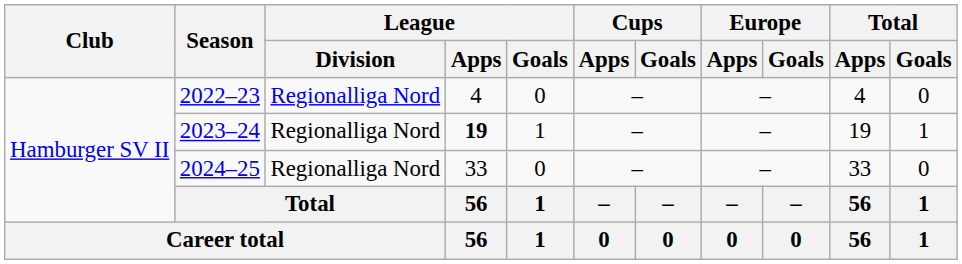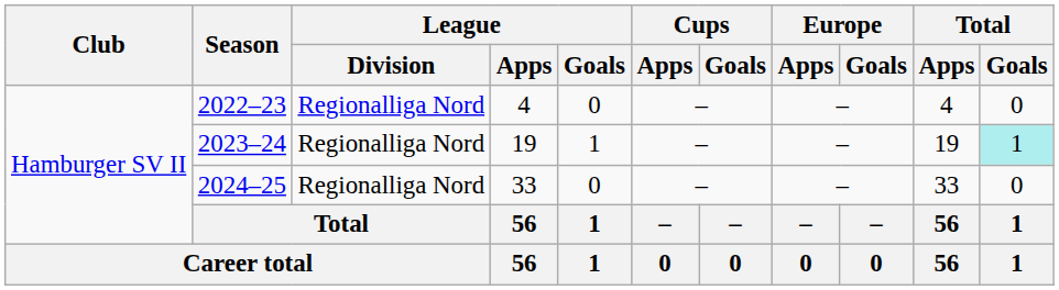 <table class="wikitable" style="text-align:center">
 <tr>
 <th rowspan="2">Club</th>
 <th rowspan="2">Season</th>
 <th colspan="3">League</th>
 <th colspan="2">Cups</th>
 <th colspan="2">Europe</th>
 <th colspan="2">Total</th>
 </tr>
 <tr>
 <th>Division</th>
 <th>Apps</th>
 <th>Goals</th>
 <th>Apps</th>
 <th>Goals</th>
 <th>Apps</th>
 <th>Goals</th>
 <th>Apps</th>
 <th>Goals</th>
 </tr>
 <tr>
 <td rowspan="4"><a href='#'>Hamburger SV II</a></td>
 <td><a href='#'>2022–23</a></td>
 <td><a href='#'>Regionalliga Nord</a></td>
 <td>4</td>
 <td>0</td>
 <td colspan="2">–</td>
 <td colspan="2">–</td>
 <td>4</td>
 <td>0</td>
 </tr>
 <tr>
 <td><a href='#'>2023–24</a></td>
 <td>Regionalliga Nord</td>
-<td><strong>19</strong></td>
+<td>19</td>
 <td>1</td>
 <td colspan="2">–</td>
 <td colspan="2">–</td>
 <td>19</td>
-<td>1</td>
+<td style="background: paleturquoise;">1</td>
 </tr>
 <tr>
 <td><a href='#'>2024–25</a></td>
 <td>Regionalliga Nord</td>
 <td>33</td>
 <td>0</td>
 <td colspan="2">–</td>
 <td colspan="2">–</td>
 <td>33</td>
 <td>0</td>
 </tr>
 <tr>
 <th colspan="2">Total</th>
 <th>56</th>
 <th>1</th>
 <th>–</th>
 <th>–</th>
 <th>–</th>
 <th>–</th>
 <th>56</th>
 <th>1</th>
 </tr>
 <tr>
 <th colspan="3">Career total</th>
 <th>56</th>
 <th>1</th>
 <th>0</th>
 <th>0</th>
 <th>0</th>
 <th>0</th>
 <th>56</th>
 <th>1</th>
 </tr>
 </table>
